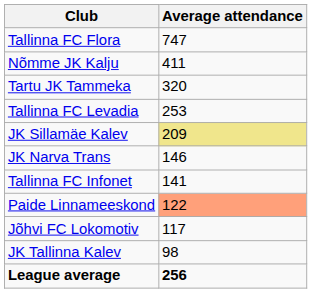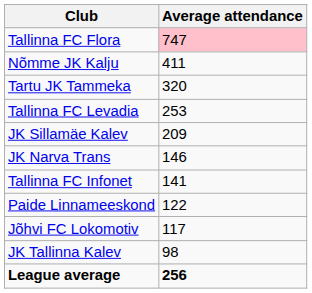 <table class="wikitable sortable">
 <tr>
 <th>Club</th>
 <th>Average attendance</th>
 </tr>
 <tr>
 <td><a href='#'>Tallinna FC Flora</a></td>
-<td>747</td>
+<td style="background: pink;">747</td>
 </tr>
 <tr>
 <td><a href='#'>Nõmme JK Kalju</a></td>
 <td>411</td>
 </tr>
 <tr>
 <td><a href='#'>Tartu JK Tammeka</a></td>
 <td>320</td>
 </tr>
 <tr>
 <td><a href='#'>Tallinna FC Levadia</a></td>
 <td>253</td>
 </tr>
 <tr>
 <td><a href='#'>JK Sillamäe Kalev</a></td>
-<td style="background: khaki;">209</td>
+<td>209</td>
 </tr>
 <tr>
 <td><a href='#'>JK Narva Trans</a></td>
 <td>146</td>
 </tr>
 <tr>
 <td><a href='#'>Tallinna FC Infonet</a></td>
 <td>141</td>
 </tr>
 <tr>
 <td><a href='#'>Paide Linnameeskond</a></td>
-<td style="background: lightsalmon;">122</td>
+<td>122</td>
 </tr>
 <tr>
 <td><a href='#'>Jõhvi FC Lokomotiv</a></td>
 <td>117</td>
 </tr>
 <tr>
 <td><a href='#'>JK Tallinna Kalev</a></td>
 <td>98</td>
 </tr>
 <tr>
 <td><strong>League average</strong></td>
 <td><strong>256</strong></td>
 </tr>
 </table>
